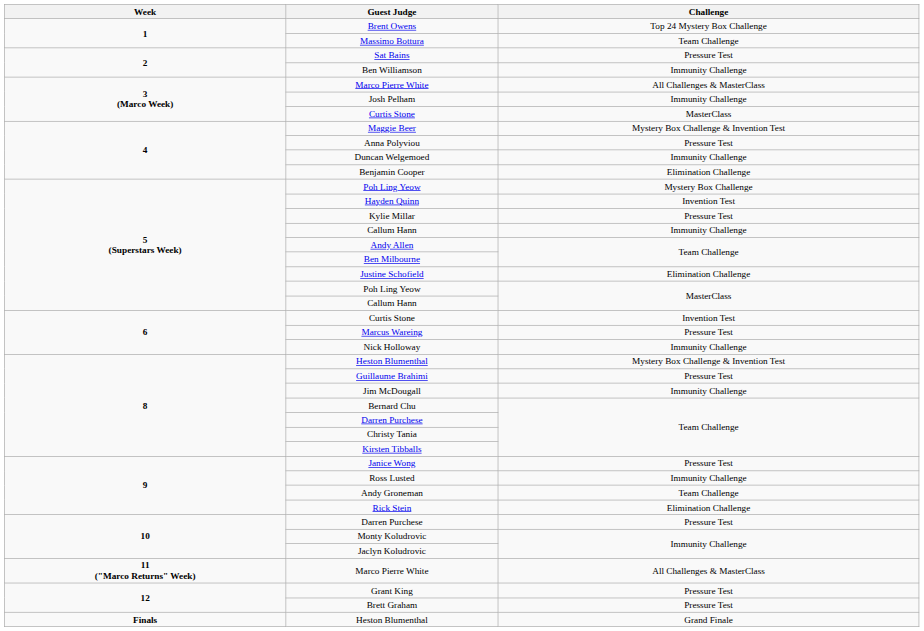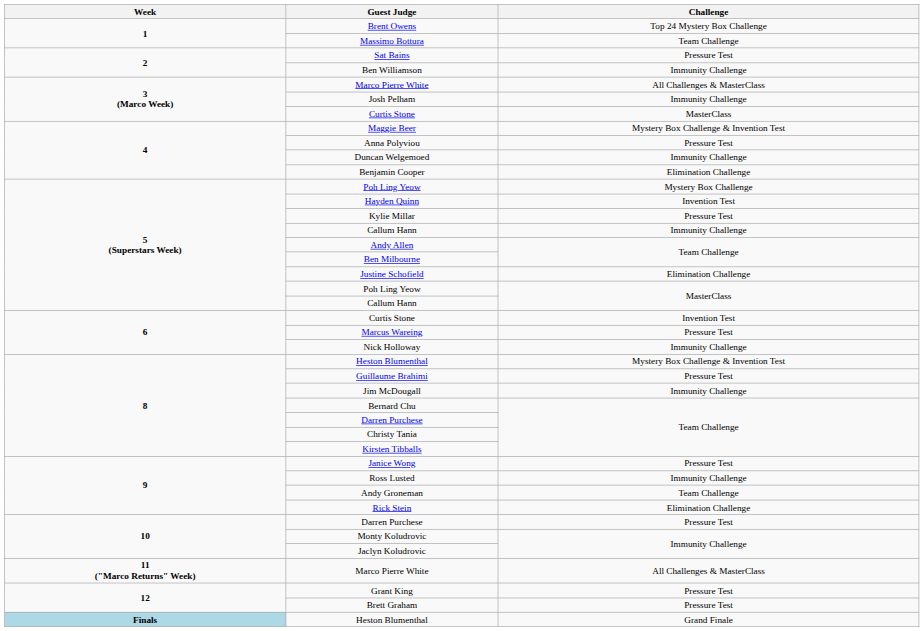 <table class="wikitable" style="text-align:center; width:85%; font-size:85%; line-height:15px">
 <tr>
 <th>Week</th>
 <th>Guest Judge</th>
 <th>Challenge</th>
 </tr>
 <tr>
 <td rowspan="2"><strong>1</strong></td>
 <td><a href='#'>Brent Owens</a></td>
 <td>Top 24 Mystery Box Challenge</td>
 </tr>
 <tr>
 <td><a href='#'>Massimo Bottura</a></td>
 <td>Team Challenge</td>
 </tr>
 <tr>
 <td rowspan="2"><strong>2</strong></td>
 <td><a href='#'>Sat Bains</a></td>
 <td>Pressure Test</td>
 </tr>
 <tr>
 <td>Ben Williamson</td>
 <td>Immunity Challenge</td>
 </tr>
 <tr>
 <td rowspan="3"><strong>3<br>(Marco Week)</strong></td>
 <td><a href='#'>Marco Pierre White</a></td>
 <td>All Challenges & MasterClass</td>
 </tr>
 <tr>
 <td>Josh Pelham</td>
 <td>Immunity Challenge</td>
 </tr>
 <tr>
 <td><a href='#'>Curtis Stone</a></td>
 <td>MasterClass</td>
 </tr>
 <tr>
 <td rowspan="4"><strong>4</strong></td>
 <td><a href='#'>Maggie Beer</a></td>
 <td>Mystery Box Challenge & Invention Test</td>
 </tr>
 <tr>
 <td>Anna Polyviou</td>
 <td>Pressure Test</td>
 </tr>
 <tr>
 <td>Duncan Welgemoed</td>
 <td>Immunity Challenge</td>
 </tr>
 <tr>
 <td>Benjamin Cooper</td>
 <td>Elimination Challenge</td>
 </tr>
 <tr>
 <td rowspan="9"><strong>5<br>(Superstars Week)</strong></td>
 <td><a href='#'>Poh Ling Yeow</a></td>
 <td>Mystery Box Challenge</td>
 </tr>
 <tr>
 <td><a href='#'>Hayden Quinn</a></td>
 <td>Invention Test</td>
 </tr>
 <tr>
 <td>Kylie Millar</td>
 <td>Pressure Test</td>
 </tr>
 <tr>
 <td>Callum Hann</td>
 <td>Immunity Challenge</td>
 </tr>
 <tr>
 <td><a href='#'>Andy Allen</a></td>
 <td rowspan="2">Team Challenge</td>
 </tr>
 <tr>
 <td><a href='#'>Ben Milbourne</a></td>
 </tr>
 <tr>
 <td><a href='#'>Justine Schofield</a></td>
 <td>Elimination Challenge</td>
 </tr>
 <tr>
 <td>Poh Ling Yeow</td>
 <td rowspan="2">MasterClass</td>
 </tr>
 <tr>
 <td>Callum Hann</td>
 </tr>
 <tr>
 <td rowspan="3"><strong>6</strong></td>
 <td>Curtis Stone</td>
 <td>Invention Test</td>
 </tr>
 <tr>
 <td><a href='#'>Marcus Wareing</a></td>
 <td>Pressure Test</td>
 </tr>
 <tr>
 <td>Nick Holloway</td>
 <td>Immunity Challenge</td>
 </tr>
 <tr>
 <td rowspan="7"><strong>8</strong></td>
 <td><a href='#'>Heston Blumenthal</a></td>
 <td>Mystery Box Challenge & Invention Test</td>
 </tr>
 <tr>
 <td><a href='#'>Guillaume Brahimi</a></td>
 <td>Pressure Test</td>
 </tr>
 <tr>
 <td>Jim McDougall</td>
 <td>Immunity Challenge</td>
 </tr>
 <tr>
 <td>Bernard Chu</td>
 <td rowspan="4">Team Challenge</td>
 </tr>
 <tr>
 <td><a href='#'>Darren Purchese</a></td>
 </tr>
 <tr>
 <td>Christy Tania</td>
 </tr>
 <tr>
 <td><a href='#'>Kirsten Tibballs</a></td>
 </tr>
 <tr>
 <td rowspan="4"><strong>9</strong></td>
 <td><a href='#'>Janice Wong</a></td>
 <td>Pressure Test</td>
 </tr>
 <tr>
 <td>Ross Lusted</td>
 <td>Immunity Challenge</td>
 </tr>
 <tr>
 <td>Andy Groneman</td>
 <td>Team Challenge</td>
 </tr>
 <tr>
 <td><a href='#'>Rick Stein</a></td>
 <td>Elimination Challenge</td>
 </tr>
 <tr>
 <td rowspan="3"><strong>10</strong></td>
 <td>Darren Purchese</td>
 <td>Pressure Test</td>
 </tr>
 <tr>
 <td>Monty Koludrovic</td>
 <td rowspan="2">Immunity Challenge</td>
 </tr>
 <tr>
 <td>Jaclyn Koludrovic</td>
 </tr>
 <tr>
 <td><strong>11<br>("Marco Returns" Week)</strong></td>
 <td>Marco Pierre White</td>
 <td>All Challenges & MasterClass</td>
 </tr>
 <tr>
 <td rowspan="2"><strong>12</strong></td>
 <td>Grant King</td>
 <td>Pressure Test</td>
 </tr>
 <tr>
 <td>Brett Graham</td>
 <td>Pressure Test</td>
 </tr>
 <tr>
-<td><strong>Finals</strong></td>
+<td style="background: lightblue;"><strong>Finals</strong></td>
 <td>Heston Blumenthal</td>
 <td>Grand Finale</td>
 </tr>
 </table>
